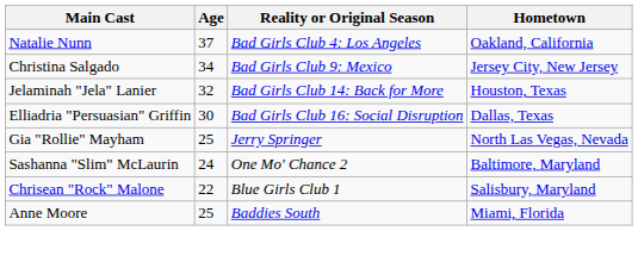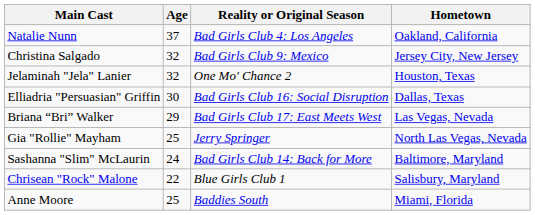 <table class="wikitable">
 <tr>
 <th>Main Cast</th>
 <th Age ! scope="col">Age</th>
 <th>Reality or Original Season</th>
 <th>Hometown</th>
 </tr>
 <tr>
 <td><a href='#'>Natalie Nunn</a></td>
 <td>37</td>
 <td><em><a href='#'>Bad Girls Club 4: Los Angeles</a></em></td>
 <td><a href='#'>Oakland, California</a></td>
 </tr>
 <tr>
 <td>Christina Salgado</td>
-<td>34</td>
+<td>32</td>
 <td><em><a href='#'>Bad Girls Club 9: Mexico</a></em></td>
 <td><a href='#'>Jersey City, New Jersey</a></td>
 </tr>
 <tr>
 <td>Jelaminah "Jela" Lanier</td>
 <td>32</td>
-<td><em><a href='#'>Bad Girls Club 14: Back for More</a></em></td>
+<td><em>One Mo' Chance 2</em></td>
 <td><a href='#'>Houston, Texas</a></td>
 </tr>
 <tr>
 <td>Elliadria "Persuasian" Griffin</td>
 <td>30</td>
 <td><em><a href='#'>Bad Girls Club 16: Social Disruption</a></em></td>
 <td><a href='#'>Dallas, Texas</a></td>
+</tr>
+<tr>
+<td>Briana “Bri” Walker</td>
+<td>29</td>
+<td><em><a href='#'>Bad Girls Club 17: East Meets West</a></em></td>
+<td><a href='#'>Las Vegas, Nevada</a></td>
 </tr>
 <tr>
 <td>Gia "Rollie" Mayham</td>
 <td>25</td>
 <td><em><a href='#'>Jerry Springer</a></em></td>
 <td><a href='#'>North Las Vegas, Nevada</a></td>
 </tr>
 <tr>
 <td>Sashanna "Slim" McLaurin</td>
 <td>24</td>
-<td><em>One Mo' Chance 2</em></td>
+<td><em><a href='#'>Bad Girls Club 14: Back for More</a></em></td>
 <td><a href='#'>Baltimore, Maryland</a></td>
 </tr>
 <tr>
 <td><a href='#'>Chrisean "Rock" Malone</a></td>
 <td>22</td>
 <td><em>Blue Girls Club 1</em></td>
 <td><a href='#'>Salisbury, Maryland</a></td>
 </tr>
 <tr>
 <td>Anne Moore</td>
 <td>25</td>
 <td><em><a href='#'>Baddies South</a></em></td>
 <td><a href='#'>Miami, Florida</a></td>
 </tr>
 </table>
